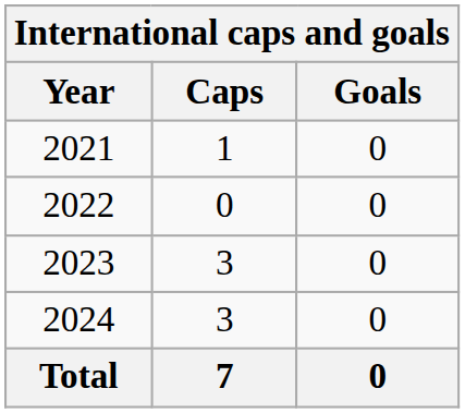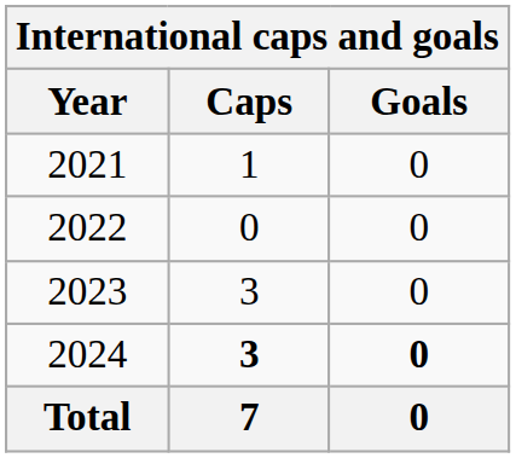 <table class="wikitable sortable" style="text-align:center">
 <tr>
 <th colspan="3">International caps and goals</th>
 </tr>
 <tr>
 <th>Year</th>
 <th>Caps</th>
 <th>Goals</th>
 </tr>
 <tr>
 <td>2021</td>
 <td>1</td>
 <td>0</td>
 </tr>
 <tr>
 <td>2022</td>
 <td>0</td>
 <td>0</td>
 </tr>
 <tr>
 <td>2023</td>
 <td>3</td>
 <td>0</td>
 </tr>
 <tr>
 <td>2024</td>
-<td>3</td>
-<td>0</td>
+<td><strong>3</strong></td>
+<td><strong>0</strong></td>
 </tr>
 <tr>
 <th>Total</th>
 <th>7</th>
 <th>0</th>
 </tr>
 </table>
